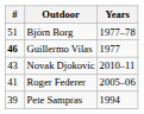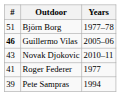 <table class="wikitable" style="display:inline-table; font-size: 88%;">
 <tr>
 <th width=20>#</th>
 <th>Outdoor</th>
 <th>Years</th>
 </tr>
 <tr>
 <td>51</td>
 <td> Björn Borg</td>
 <td>1977–78</td>
 </tr>
 <tr>
 <td><strong>46</strong></td>
 <td> Guillermo Vilas</td>
-<td>1977</td>
+<td>2005–06</td>
 </tr>
 <tr>
 <td>43</td>
 <td> Novak Djokovic</td>
 <td>2010–11</td>
 </tr>
 <tr>
 <td>41</td>
 <td> Roger Federer</td>
-<td>2005–06</td>
+<td>1977</td>
 </tr>
 <tr>
 <td>39</td>
 <td> Pete Sampras</td>
 <td>1994</td>
 </tr>
 </table>
